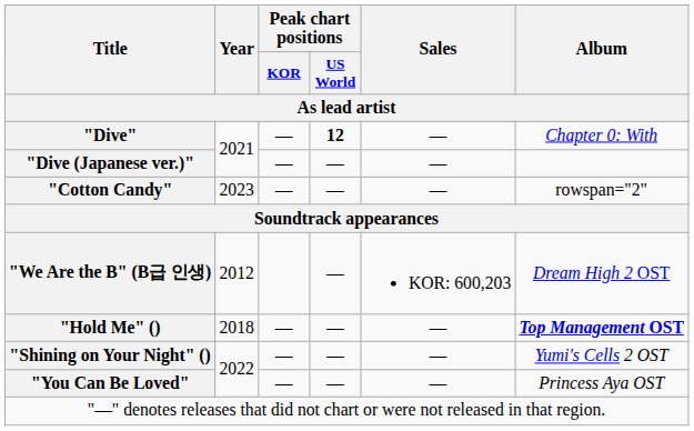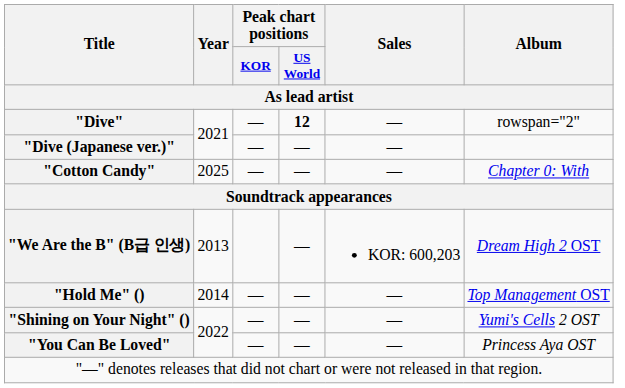 <table class="wikitable plainrowheaders" style="text-align:center">
 <tr>
 <th scope="col" rowspan="2">Title</th>
 <th rowspan="2">Year</th>
 <th scope="col" colspan="2">Peak chart<br>positions</th>
 <th rowspan="2">Sales<br></th>
 <th rowspan="2">Album</th>
 </tr>
 <tr>
 <th scope="col" style="width:3em;font-size:85%"><a href='#'>KOR</a><br></th>
 <th scope="col" style="width:3em;font-size:85%"><a href='#'>US<br>World</a><br></th>
 </tr>
 <tr>
 <th colspan="6">As lead artist</th>
 </tr>
 <tr>
 <th scope="row">"Dive"</th>
 <td rowspan="2">2021</td>
 <td>—</td>
 <td><strong>12</strong></td>
 <td>—</td>
-<td><em><a href='#'>Chapter 0: With</a></em></td>
+<td>rowspan="2" </td>
 </tr>
 <tr>
 <th scope="row">"Dive (Japanese ver.)"</th>
 <td>—</td>
 <td>—</td>
 <td>—</td>
 </tr>
 <tr>
 <th scope="row">"Cotton Candy"</th>
-<td>2023</td>
+<td>2025</td>
 <td>—</td>
 <td>—</td>
 <td>—</td>
-<td>rowspan="2" </td>
+<td><em><a href='#'>Chapter 0: With</a></em></td>
 </tr>
 <tr>
 <th colspan="6">Soundtrack appearances</th>
 </tr>
 <tr>
 <th scope="row">"We Are the B" (B급 인생)<br></th>
-<td>2012</td>
+<td>2013</td>
 <td></td>
 <td>—</td>
 <td><br><ul><li>KOR: 600,203</li></ul></td>
 <td><a href='#'><em>Dream High 2</em> OST</a></td>
 </tr>
 <tr>
 <th scope="row">"Hold Me" ()</th>
-<td>2018</td>
+<td>2014</td>
 <td>—</td>
 <td>—</td>
 <td>—</td>
-<td><strong><a href='#'><em>Top Management</em> OST</a></strong></td>
+<td><a href='#'><em>Top Management</em> OST</a></td>
 </tr>
 <tr>
 <th scope="row">"Shining on Your Night" ()</th>
 <td rowspan="2">2022</td>
 <td>—</td>
 <td>—</td>
 <td>—</td>
 <td><em><a href='#'>Yumi's Cells</a> 2 OST</em></td>
 </tr>
 <tr>
 <th scope="row">"You Can Be Loved"<br></th>
 <td>—</td>
 <td>—</td>
 <td>—</td>
 <td><em>Princess Aya OST</em></td>
 </tr>
 <tr>
 <td colspan="7">"—" denotes releases that did not chart or were not released in that region.</td>
 </tr>
 </table>
